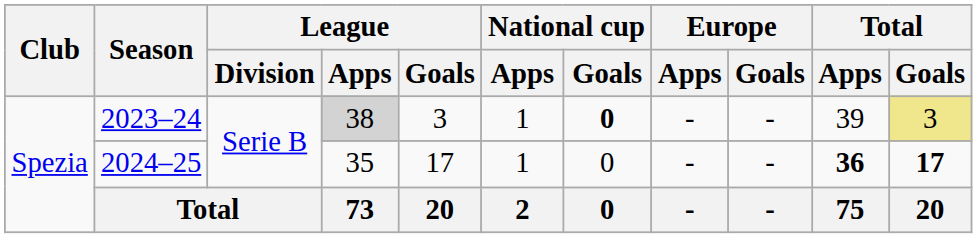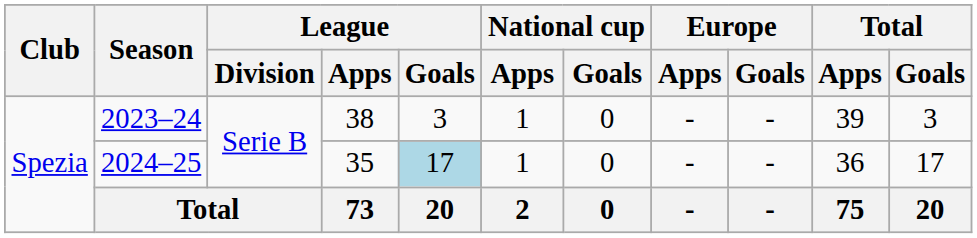 <table class="wikitable" style="text-align:center">
 <tr>
 <th rowspan="2">Club</th>
 <th rowspan="2">Season</th>
 <th colspan="3">League</th>
 <th colspan="2">National cup</th>
 <th colspan="2">Europe</th>
 <th colspan="2">Total</th>
 </tr>
 <tr>
 <th>Division</th>
 <th>Apps</th>
 <th>Goals</th>
 <th>Apps</th>
 <th>Goals</th>
 <th>Apps</th>
 <th>Goals</th>
 <th>Apps</th>
 <th>Goals</th>
 </tr>
 <tr>
 <td rowspan="3"><a href='#'>Spezia</a></td>
 <td><a href='#'>2023–24</a></td>
 <td rowspan="2"><a href='#'>Serie B</a></td>
-<td style="background: lightgrey;">38</td>
+<td>38</td>
 <td>3</td>
 <td>1</td>
-<td><strong>0</strong></td>
+<td>0</td>
 <td>-</td>
 <td>-</td>
 <td>39</td>
-<td style="background: khaki;">3</td>
+<td>3</td>
 </tr>
 <tr>
 <td><a href='#'>2024–25</a></td>
 <td>35</td>
-<td>17</td>
+<td style="background: lightblue;">17</td>
 <td>1</td>
 <td>0</td>
 <td>-</td>
 <td>-</td>
-<td><strong>36</strong></td>
-<td><strong>17</strong></td>
+<td>36</td>
+<td>17</td>
 </tr>
 <tr>
 <th colspan="2">Total</th>
 <th>73</th>
 <th>20</th>
 <th>2</th>
 <th>0</th>
 <th>-</th>
 <th>-</th>
 <th>75</th>
 <th>20</th>
 </tr>
 </table>
